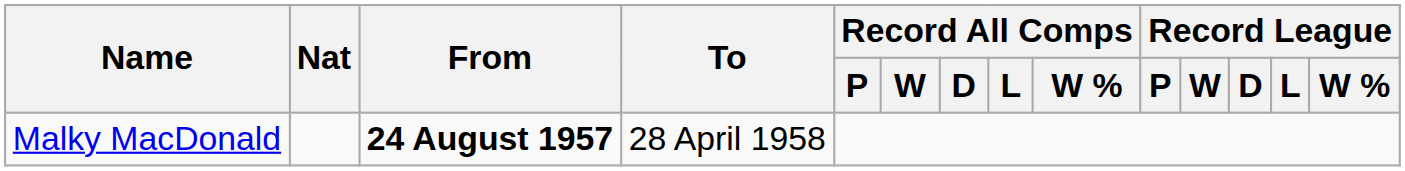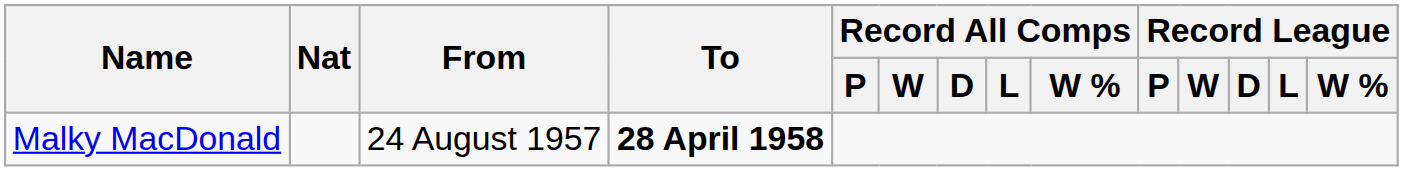 <table style="text-align: center" class="wikitable">
 <tr>
 <th rowspan="2">Name</th>
 <th rowspan="2">Nat</th>
 <th rowspan="2">From</th>
 <th rowspan="2">To</th>
 <th colspan="5">Record All Comps</th>
 <th colspan="5">Record League</th>
 </tr>
 <tr>
 <th>P</th>
 <th>W</th>
 <th>D</th>
 <th>L</th>
 <th>W %</th>
 <th>P</th>
 <th>W</th>
 <th>D</th>
 <th>L</th>
 <th>W %</th>
 </tr>
 <tr>
 <td style="text-align:left;"><a href='#'>Malky MacDonald</a></td>
 <td></td>
-<td style="text-align:left;"><strong>24 August 1957</strong></td>
-<td style="text-align:left;">28 April 1958<br> </td>
+<td style="text-align:left;">24 August 1957</td>
+<td style="text-align:left;"><strong>28 April 1958<br> </strong></td>
 </tr>
 </table>
